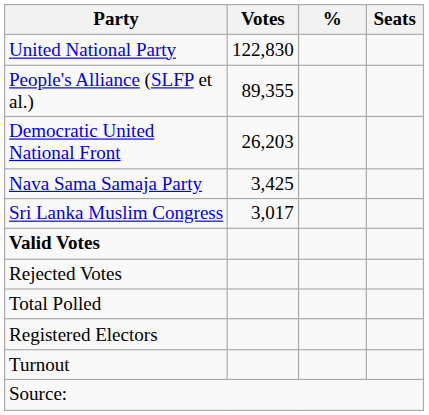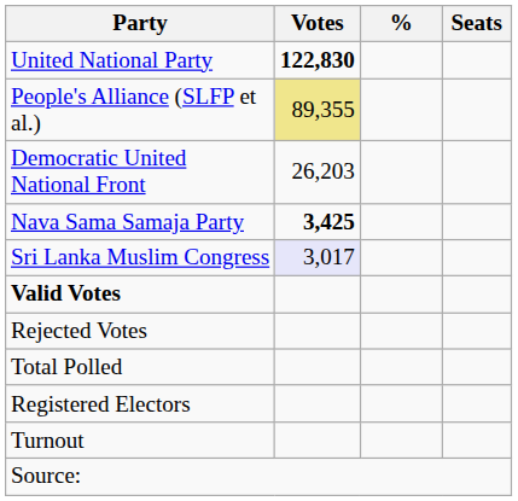 <table class="wikitable" border="1" style="text-align:right;">
 <tr>
 <th align=left width="180">Party</th>
 <th align=center width="50">Votes</th>
 <th align=center width="50">%</th>
 <th align=center width="40">Seats</th>
 </tr>
 <tr>
 <td align=left><a href='#'>United National Party</a></td>
-<td>122,830</td>
+<td><strong>122,830</strong></td>
 <td></td>
 <td></td>
 </tr>
 <tr>
 <td align=left><a href='#'>People's Alliance</a> (<a href='#'>SLFP</a> et al.)</td>
-<td>89,355</td>
+<td style="background: khaki;">89,355</td>
 <td></td>
 <td></td>
 </tr>
 <tr>
 <td align=left><a href='#'>Democratic United National Front</a></td>
 <td>26,203</td>
 <td></td>
 <td></td>
 </tr>
 <tr>
 <td align=left><a href='#'>Nava Sama Samaja Party</a></td>
-<td>3,425</td>
+<td><strong>3,425</strong></td>
 <td></td>
 <td></td>
 </tr>
 <tr>
 <td align=left><a href='#'>Sri Lanka Muslim Congress</a></td>
-<td>3,017</td>
+<td style="background: lavender;">3,017</td>
 <td></td>
 <td></td>
 </tr>
 <tr>
 <td align=left><strong>Valid Votes</strong></td>
 <td></td>
 <td></td>
 <td></td>
 </tr>
 <tr>
 <td align=left>Rejected Votes</td>
 <td></td>
 <td></td>
 <td></td>
 </tr>
 <tr>
 <td align=left>Total Polled</td>
 <td></td>
 <td></td>
 <td></td>
 </tr>
 <tr>
 <td align=left>Registered Electors</td>
 <td></td>
 <td></td>
 <td></td>
 </tr>
 <tr>
 <td align=left>Turnout</td>
 <td></td>
 <td></td>
 <td></td>
 </tr>
 <tr>
 <td align=left colspan=4>Source:</td>
 </tr>
 </table>
